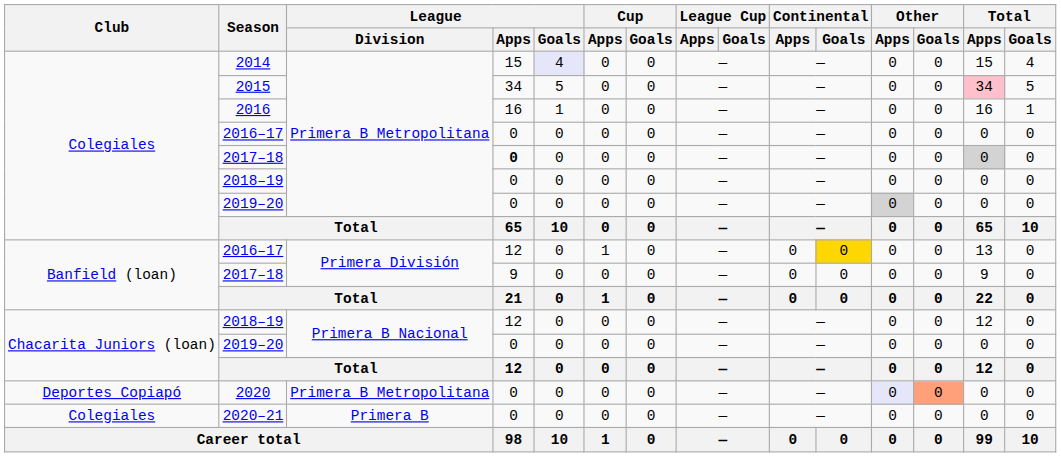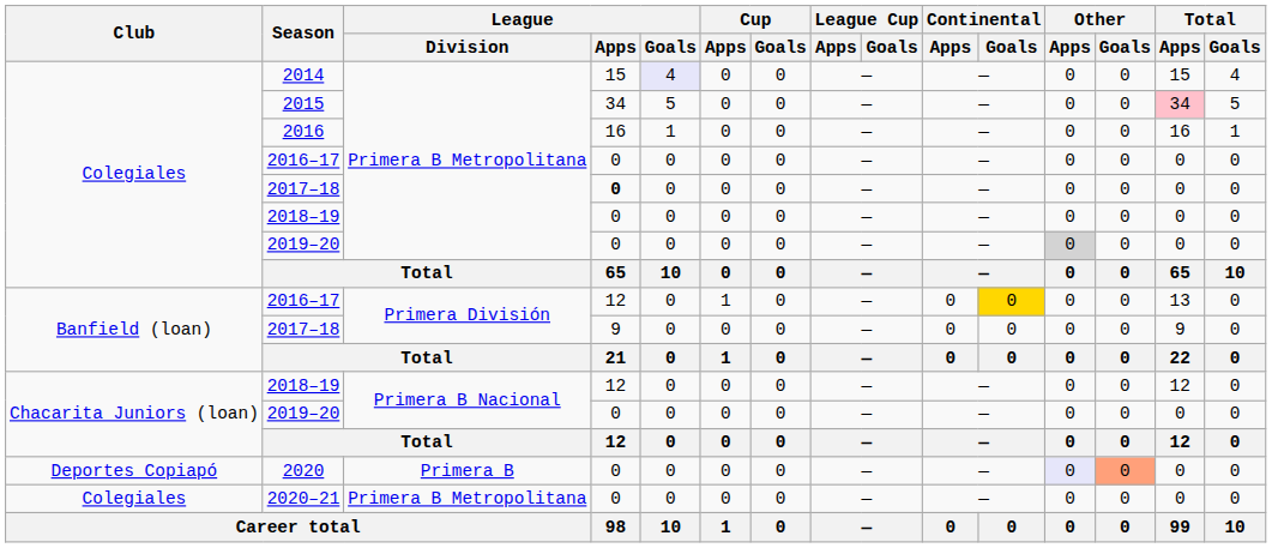 <table class="wikitable" style="text-align:center">
 <tr>
 <th rowspan="2">Club</th>
 <th rowspan="2">Season</th>
 <th colspan="3">League</th>
 <th colspan="2">Cup</th>
 <th colspan="2">League Cup</th>
 <th colspan="2">Continental</th>
 <th colspan="2">Other</th>
 <th colspan="2">Total</th>
 </tr>
 <tr>
 <th>Division</th>
 <th>Apps</th>
 <th>Goals</th>
 <th>Apps</th>
 <th>Goals</th>
 <th>Apps</th>
 <th>Goals</th>
 <th>Apps</th>
 <th>Goals</th>
 <th>Apps</th>
 <th>Goals</th>
 <th>Apps</th>
 <th>Goals</th>
 </tr>
 <tr>
 <td rowspan="8"><a href='#'>Colegiales</a></td>
 <td><a href='#'>2014</a></td>
 <td rowspan="7"><a href='#'>Primera B Metropolitana</a></td>
 <td>15</td>
 <td style="background: lavender;">4</td>
 <td>0</td>
 <td>0</td>
 <td colspan="2">—</td>
 <td colspan="2">—</td>
 <td>0</td>
 <td>0</td>
 <td>15</td>
 <td>4</td>
 </tr>
 <tr>
 <td><a href='#'>2015</a></td>
 <td>34</td>
 <td>5</td>
 <td>0</td>
 <td>0</td>
 <td colspan="2">—</td>
 <td colspan="2">—</td>
 <td>0</td>
 <td>0</td>
 <td style="background: pink;">34</td>
 <td>5</td>
 </tr>
 <tr>
 <td><a href='#'>2016</a></td>
 <td>16</td>
 <td>1</td>
 <td>0</td>
 <td>0</td>
 <td colspan="2">—</td>
 <td colspan="2">—</td>
 <td>0</td>
 <td>0</td>
 <td>16</td>
 <td>1</td>
 </tr>
 <tr>
 <td><a href='#'>2016–17</a></td>
 <td>0</td>
 <td>0</td>
 <td>0</td>
 <td>0</td>
 <td colspan="2">—</td>
 <td colspan="2">—</td>
 <td>0</td>
 <td>0</td>
 <td>0</td>
 <td>0</td>
 </tr>
 <tr>
 <td><a href='#'>2017–18</a></td>
 <td><strong>0</strong></td>
 <td>0</td>
 <td>0</td>
 <td>0</td>
 <td colspan="2">—</td>
 <td colspan="2">—</td>
 <td>0</td>
 <td>0</td>
-<td style="background: lightgrey;">0</td>
+<td>0</td>
 <td>0</td>
 </tr>
 <tr>
 <td><a href='#'>2018–19</a></td>
 <td>0</td>
 <td>0</td>
 <td>0</td>
 <td>0</td>
 <td colspan="2">—</td>
 <td colspan="2">—</td>
 <td>0</td>
 <td>0</td>
 <td>0</td>
 <td>0</td>
 </tr>
 <tr>
 <td><a href='#'>2019–20</a></td>
 <td>0</td>
 <td>0</td>
 <td>0</td>
 <td>0</td>
 <td colspan="2">—</td>
 <td colspan="2">—</td>
 <td style="background: lightgrey;">0</td>
 <td>0</td>
 <td>0</td>
 <td>0</td>
 </tr>
 <tr>
 <th colspan="2">Total</th>
 <th>65</th>
 <th>10</th>
 <th>0</th>
 <th>0</th>
 <th colspan="2">—</th>
 <th colspan="2">—</th>
 <th>0</th>
 <th>0</th>
 <th>65</th>
 <th>10</th>
 </tr>
 <tr>
 <td rowspan="3"><a href='#'>Banfield</a> (loan)</td>
 <td><a href='#'>2016–17</a></td>
 <td rowspan="2"><a href='#'>Primera División</a></td>
 <td>12</td>
 <td>0</td>
 <td>1</td>
 <td>0</td>
 <td colspan="2">—</td>
 <td>0</td>
 <td style="background: gold;">0</td>
 <td>0</td>
 <td>0</td>
 <td>13</td>
 <td>0</td>
 </tr>
 <tr>
 <td><a href='#'>2017–18</a></td>
 <td>9</td>
 <td>0</td>
 <td>0</td>
 <td>0</td>
 <td colspan="2">—</td>
 <td>0</td>
 <td>0</td>
 <td>0</td>
 <td>0</td>
 <td>9</td>
 <td>0</td>
 </tr>
 <tr>
 <th colspan="2">Total</th>
 <th>21</th>
 <th>0</th>
 <th>1</th>
 <th>0</th>
 <th colspan="2">—</th>
 <th>0</th>
 <th>0</th>
 <th>0</th>
 <th>0</th>
 <th>22</th>
 <th>0</th>
 </tr>
 <tr>
 <td rowspan="3"><a href='#'>Chacarita Juniors</a> (loan)</td>
 <td><a href='#'>2018–19</a></td>
 <td rowspan="2"><a href='#'>Primera B Nacional</a></td>
 <td>12</td>
 <td>0</td>
 <td>0</td>
 <td>0</td>
 <td colspan="2">—</td>
 <td colspan="2">—</td>
 <td>0</td>
 <td>0</td>
 <td>12</td>
 <td>0</td>
 </tr>
 <tr>
 <td><a href='#'>2019–20</a></td>
 <td>0</td>
 <td>0</td>
 <td>0</td>
 <td>0</td>
 <td colspan="2">—</td>
 <td colspan="2">—</td>
 <td>0</td>
 <td>0</td>
 <td>0</td>
 <td>0</td>
 </tr>
 <tr>
 <th colspan="2">Total</th>
 <th>12</th>
 <th>0</th>
 <th>0</th>
 <th>0</th>
 <th colspan="2">—</th>
 <th colspan="2">—</th>
 <th>0</th>
 <th>0</th>
 <th>12</th>
 <th>0</th>
 </tr>
 <tr>
 <td rowspan="1"><a href='#'>Deportes Copiapó</a></td>
 <td><a href='#'>2020</a></td>
-<td rowspan="1"><a href='#'>Primera B Metropolitana</a></td>
+<td rowspan="1"><a href='#'>Primera B</a></td>
 <td>0</td>
 <td>0</td>
 <td>0</td>
 <td>0</td>
 <td colspan="2">—</td>
 <td colspan="2">—</td>
 <td style="background: lavender;">0</td>
 <td style="background: lightsalmon;">0</td>
 <td>0</td>
 <td>0</td>
 </tr>
 <tr>
 <td rowspan="1"><a href='#'>Colegiales</a></td>
 <td><a href='#'>2020–21</a></td>
-<td rowspan="1"><a href='#'>Primera B</a></td>
+<td rowspan="1"><a href='#'>Primera B Metropolitana</a></td>
 <td>0</td>
 <td>0</td>
 <td>0</td>
 <td>0</td>
 <td colspan="2">—</td>
 <td colspan="2">—</td>
 <td>0</td>
 <td>0</td>
 <td>0</td>
 <td>0</td>
 </tr>
 <tr>
 <th colspan="3">Career total</th>
 <th>98</th>
 <th>10</th>
 <th>1</th>
 <th>0</th>
 <th colspan="2">—</th>
 <th>0</th>
 <th>0</th>
 <th>0</th>
 <th>0</th>
 <th>99</th>
 <th>10</th>
 </tr>
 </table>
